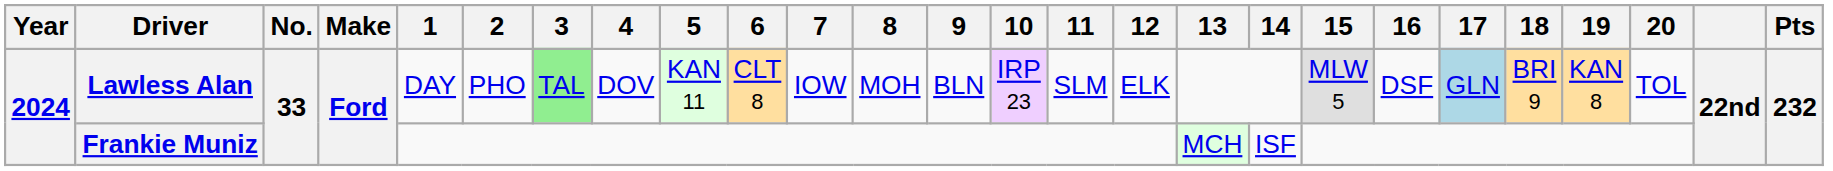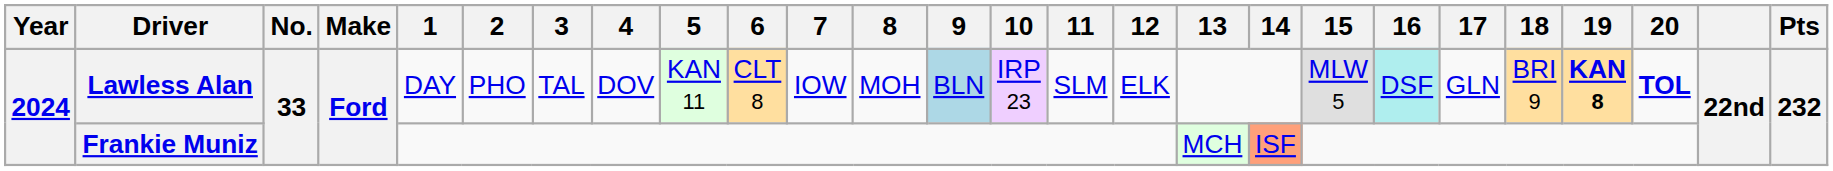 <table class="wikitable" style="text-align:center; font-size:75%">
 <tr>
 <th>Year</th>
 <th>Driver</th>
 <th>No.</th>
 <th>Make</th>
 <th>1</th>
 <th>2</th>
 <th>3</th>
 <th>4</th>
 <th>5</th>
 <th>6</th>
 <th>7</th>
 <th>8</th>
 <th>9</th>
 <th>10</th>
 <th>11</th>
 <th>12</th>
 <th>13</th>
 <th>14</th>
 <th>15</th>
 <th>16</th>
 <th>17</th>
 <th>18</th>
 <th>19</th>
 <th>20</th>
 <th></th>
 <th>Pts</th>
 </tr>
 <tr>
 <th rowspan="2"><a href='#'>2024</a></th>
 <th><a href='#'>Lawless Alan</a></th>
 <th rowspan="2">33</th>
 <th rowspan="2"><a href='#'>Ford</a></th>
 <td><a href='#'>DAY</a></td>
 <td><a href='#'>PHO</a></td>
-<td style="background: lightgreen;"><a href='#'>TAL</a></td>
+<td><a href='#'>TAL</a></td>
 <td><a href='#'>DOV</a></td>
 <td style="background:#DFFFDF;"><a href='#'>KAN</a><br><small>11</small></td>
 <td style="background:#FFDF9F;"><a href='#'>CLT</a><br><small>8</small></td>
 <td><a href='#'>IOW</a></td>
 <td><a href='#'>MOH</a></td>
-<td><a href='#'>BLN</a></td>
+<td style="background: lightblue;"><a href='#'>BLN</a></td>
 <td style="background:#EFCFFF;"><a href='#'>IRP</a><br><small>23</small></td>
 <td><a href='#'>SLM</a></td>
 <td><a href='#'>ELK</a></td>
 <td colspan="2"></td>
 <td style="background:#DFDFDF;"><a href='#'>MLW</a><br><small>5</small></td>
-<td><a href='#'>DSF</a></td>
-<td style="background: lightblue;"><a href='#'>GLN</a></td>
+<td style="background: paleturquoise;"><a href='#'>DSF</a></td>
+<td><a href='#'>GLN</a></td>
 <td style="background:#FFDF9F;"><a href='#'>BRI</a><br><small>9</small></td>
-<td style="background:#FFDF9F;"><a href='#'>KAN</a><br><small>8</small></td>
-<td><a href='#'>TOL</a></td>
+<td style="background:#FFDF9F;"><strong><a href='#'>KAN</a><br><small>8</small></strong></td>
+<td><strong><a href='#'>TOL</a></strong></td>
 <th rowspan="2">22nd</th>
 <th rowspan="2">232</th>
 </tr>
 <tr>
 <th><a href='#'>Frankie Muniz</a></th>
 <td colspan="12"></td>
 <td style="background:#DFFFDF;"><a href='#'>MCH</a><br></td>
-<td><a href='#'>ISF</a></td>
+<td style="background: lightsalmon;"><a href='#'>ISF</a></td>
 <td colspan="6"></td>
 </tr>
 </table>
